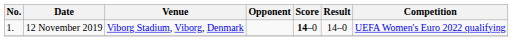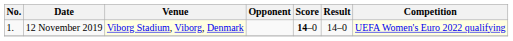 <table class="wikitable">
 <tr>
 <th>No.</th>
 <th>Date</th>
 <th>Venue</th>
 <th>Opponent</th>
 <th>Score</th>
 <th>Result</th>
 <th>Competition</th>
 </tr>
 <tr>
 <td>1.</td>
 <td>12 November 2019</td>
-<td><a href='#'>Viborg Stadium</a>, <a href='#'>Viborg</a>, <a href='#'>Denmark</a></td>
+<td style="background: lightyellow;"><a href='#'>Viborg Stadium</a>, <a href='#'>Viborg</a>, <a href='#'>Denmark</a></td>
 <td></td>
 <td align=center><strong>14</strong>–0</td>
 <td align=center>14–0</td>
-<td><a href='#'>UEFA Women's Euro 2022 qualifying</a></td>
+<td style="background: lightyellow;"><a href='#'>UEFA Women's Euro 2022 qualifying</a></td>
 </tr>
 <tr>
 </tr>
 </table>
